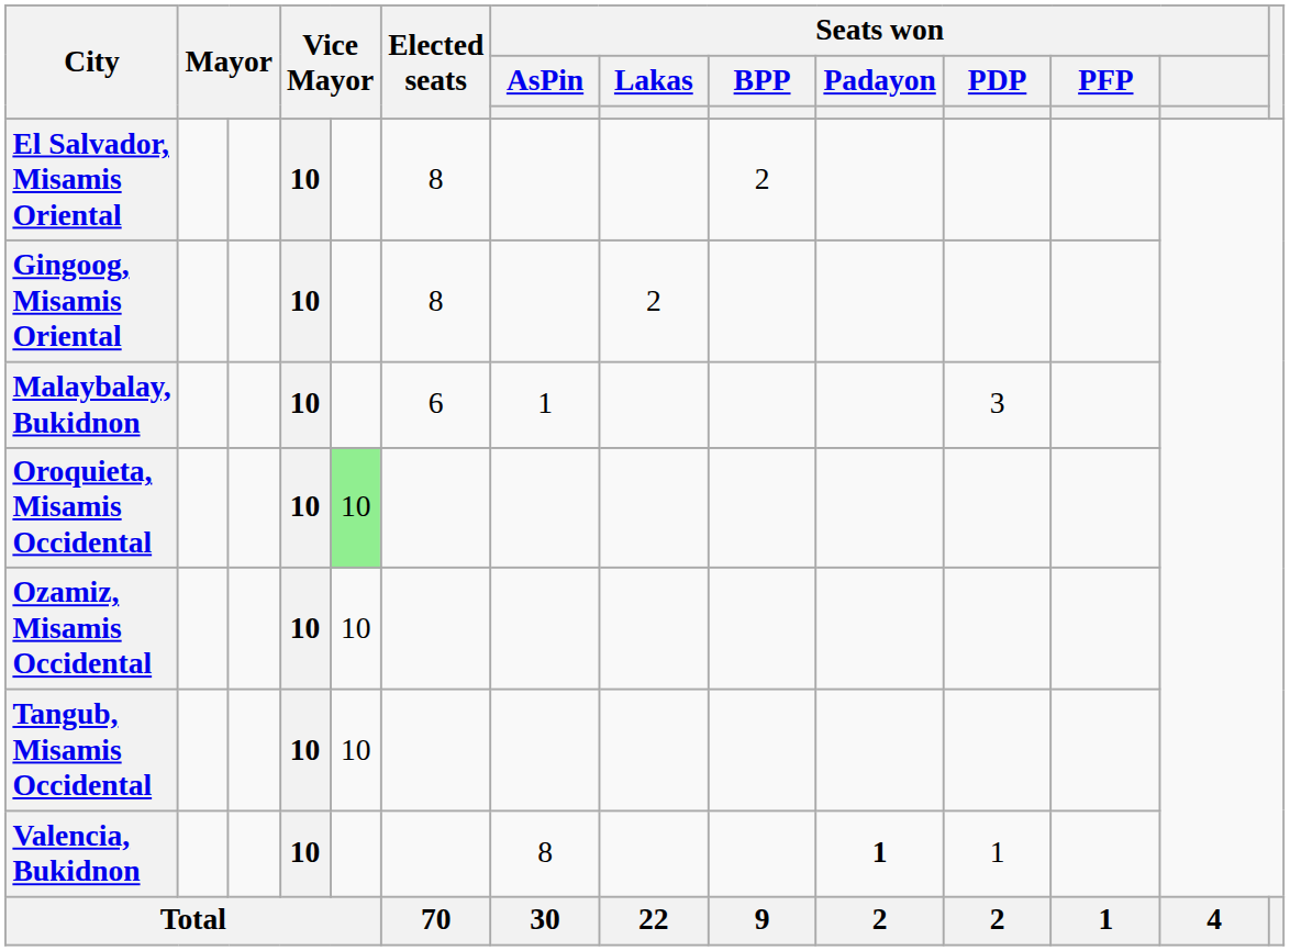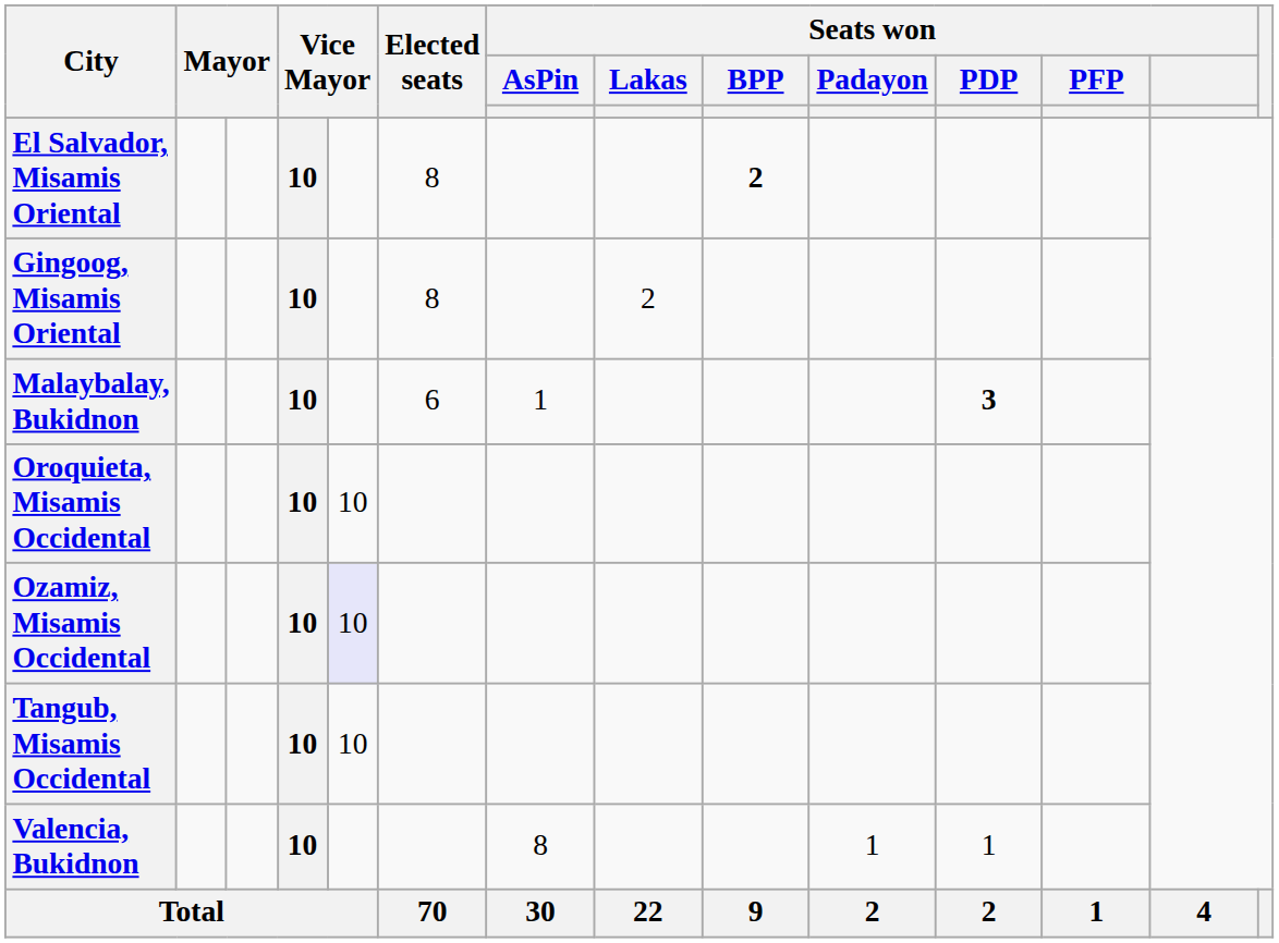 <table class="wikitable" style="text-align:center; font-size: 0.9em;">
 <tr>
 <th rowspan="3">City</th>
 <th colspan="2" rowspan="3" style="width:60px;">Mayor</th>
 <th colspan="2" rowspan="3" style="width:60px;">Vice Mayor</th>
 <th rowspan="3">Elected<br>seats</th>
 <th colspan="7">Seats won</th>
 <th rowspan="3"></th>
 </tr>
 <tr>
 <th class="unsortable" style="width:45px;"><a href='#'>AsPin</a></th>
 <th class="unsortable" style="width:45px;"><a href='#'>Lakas</a></th>
 <th class="unsortable" style="width:45px;"><a href='#'>BPP</a></th>
 <th class="unsortable" style="width:45px;"><a href='#'>Padayon</a></th>
 <th class="unsortable" style="width:45px;"><a href='#'>PDP</a></th>
 <th class="unsortable" style="width:45px;"><a href='#'>PFP</a></th>
 <th class="unsortable" style="width:45px;"></th>
 </tr>
 <tr>
 <th style="color:inherit;background:"></th>
 <th style="color:inherit;background:"></th>
 <th style="color:inherit;background:"></th>
 <th style="color:inherit;background:"></th>
 <th style="color:inherit;background:"></th>
 <th style="color:inherit;background:"></th>
 <th style="color:inherit;background:"></th>
 </tr>
 <tr>
 <th style="text-align: left;"><a href='#'>El Salvador, Misamis Oriental</a></th>
 <td></td>
 <td></td>
 <th>10</th>
 <td></td>
 <td>8</td>
 <td></td>
 <td></td>
-<td>2</td>
+<td><strong>2</strong></td>
 <td></td>
 <td></td>
 <td></td>
 </tr>
 <tr>
 <th style="text-align: left;"><a href='#'>Gingoog, Misamis Oriental</a></th>
 <td></td>
 <td></td>
 <th>10</th>
 <td></td>
 <td>8</td>
 <td></td>
 <td>2</td>
 <td></td>
 <td></td>
 <td></td>
 <td></td>
 </tr>
 <tr>
 <th style="text-align: left;"><a href='#'>Malaybalay, Bukidnon</a></th>
 <td></td>
 <td></td>
 <th>10</th>
 <td></td>
 <td>6</td>
 <td>1</td>
 <td></td>
 <td></td>
 <td></td>
-<td>3</td>
+<td><strong>3</strong></td>
 <td></td>
 </tr>
 <tr>
 <th style="text-align: left;"><a href='#'>Oroquieta, Misamis Occidental</a></th>
 <td></td>
 <td></td>
 <th>10</th>
-<td style="background: lightgreen;">10</td>
+<td>10</td>
 <td></td>
 <td></td>
 <td></td>
 <td></td>
 <td></td>
 <td></td>
 <td></td>
 </tr>
 <tr>
 <th style="text-align: left;"><a href='#'>Ozamiz, Misamis Occidental</a></th>
 <td></td>
 <td></td>
 <th>10</th>
-<td>10</td>
+<td style="background: lavender;">10</td>
 <td></td>
 <td></td>
 <td></td>
 <td></td>
 <td></td>
 <td></td>
 <td></td>
 </tr>
 <tr>
 <th style="text-align: left;"><a href='#'>Tangub, Misamis Occidental</a></th>
 <td></td>
 <td></td>
 <th>10</th>
 <td>10</td>
 <td></td>
 <td></td>
 <td></td>
 <td></td>
 <td></td>
 <td></td>
 <td></td>
 </tr>
 <tr>
 <th style="text-align: left;"><a href='#'>Valencia, Bukidnon</a></th>
 <td></td>
 <td></td>
 <th>10</th>
 <td></td>
 <td></td>
 <td>8</td>
 <td></td>
 <td></td>
-<td><strong>1</strong></td>
+<td>1</td>
 <td>1</td>
 <td></td>
 </tr>
 <tr>
 <th colspan="5">Total</th>
 <th>70</th>
 <th>30</th>
 <th>22</th>
 <th>9</th>
 <th>2</th>
 <th>2</th>
 <th>1</th>
 <th>4</th>
 <th></th>
 </tr>
 </table>
